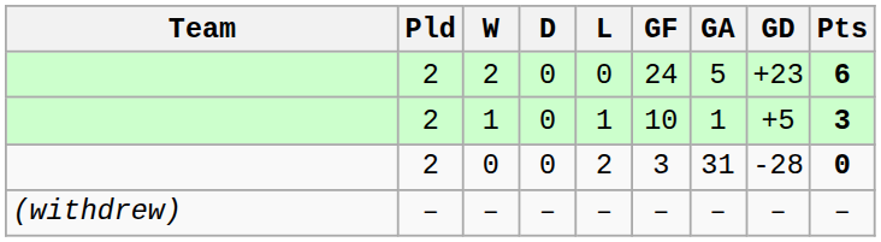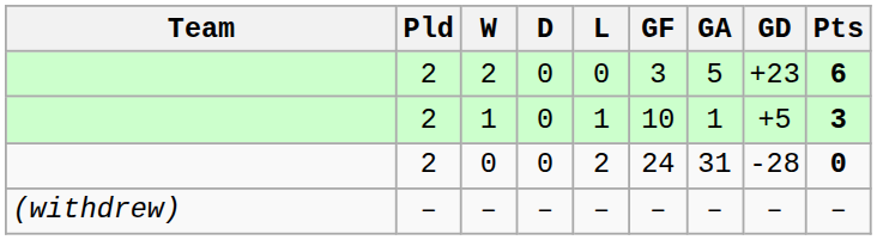 <table class="wikitable" style="text-align: center;">
 <tr>
 <th width="175">Team</th>
 <th width="20">Pld</th>
 <th width="20">W</th>
 <th width="20">D</th>
 <th width="20">L</th>
 <th width="20">GF</th>
 <th width="20">GA</th>
 <th width="20">GD</th>
 <th width="20">Pts<br></th>
 </tr>
 <tr align=center bgcolor="ccffcc">
 <td style="text-align:left;"></td>
 <td>2</td>
 <td>2</td>
 <td>0</td>
 <td>0</td>
-<td>24</td>
+<td>3</td>
 <td>5</td>
 <td>+23</td>
 <td><strong>6</strong></td>
 </tr>
 <tr align=center bgcolor="ccffcc">
 <td style="text-align:left;"></td>
 <td>2</td>
 <td>1</td>
 <td>0</td>
 <td>1</td>
 <td>10</td>
 <td>1</td>
 <td>+5</td>
 <td><strong>3</strong></td>
 </tr>
 <tr align=center>
 <td style="text-align:left;"></td>
 <td>2</td>
 <td>0</td>
 <td>0</td>
 <td>2</td>
-<td>3</td>
+<td>24</td>
 <td>31</td>
 <td>-28</td>
 <td><strong>0</strong></td>
 </tr>
 <tr align=center>
 <td style="text-align:left;"> <em>(withdrew)</em></td>
 <td>–</td>
 <td>–</td>
 <td>–</td>
 <td>–</td>
 <td>–</td>
 <td>–</td>
 <td>–</td>
 <td>–</td>
 </tr>
 </table>
